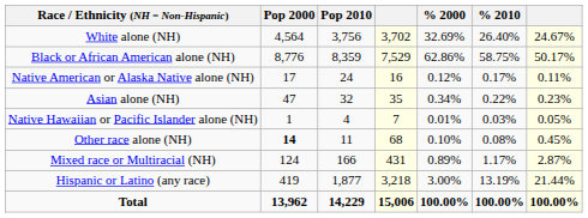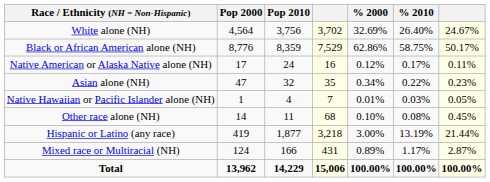 <table class="wikitable" style="text-align:center;">
 <tr>
 <th>Race / Ethnicity <small>(<em>NH = Non-Hispanic</em>)</small></th>
 <th>Pop 2000</th>
 <th>Pop 2010</th>
 <th></th>
 <th>% 2000</th>
 <th>% 2010</th>
 <th></th>
 </tr>
 <tr>
 <td><a href='#'>White</a> alone (NH)</td>
 <td>4,564</td>
 <td>3,756</td>
 <td style='background: #ffffe6;'>3,702</td>
 <td>32.69%</td>
 <td>26.40%</td>
 <td style='background: #ffffe6;'>24.67%</td>
 </tr>
 <tr>
 <td><a href='#'>Black or African American</a> alone (NH)</td>
 <td>8,776</td>
 <td>8,359</td>
 <td style='background: #ffffe6;'>7,529</td>
 <td>62.86%</td>
 <td>58.75%</td>
 <td style='background: #ffffe6;'>50.17%</td>
 </tr>
 <tr>
 <td><a href='#'>Native American</a> or <a href='#'>Alaska Native</a> alone (NH)</td>
 <td>17</td>
 <td>24</td>
 <td style='background: #ffffe6;'>16</td>
 <td>0.12%</td>
 <td>0.17%</td>
 <td style='background: #ffffe6;'>0.11%</td>
 </tr>
 <tr>
 <td><a href='#'>Asian</a> alone (NH)</td>
 <td>47</td>
 <td>32</td>
 <td style='background: #ffffe6;'>35</td>
 <td>0.34%</td>
 <td>0.22%</td>
 <td style='background: #ffffe6;'>0.23%</td>
 </tr>
 <tr>
 <td><a href='#'>Native Hawaiian</a> or <a href='#'>Pacific Islander</a> alone (NH)</td>
 <td>1</td>
 <td>4</td>
 <td style='background: #ffffe6;'>7</td>
 <td>0.01%</td>
 <td>0.03%</td>
 <td style='background: #ffffe6;'>0.05%</td>
 </tr>
 <tr>
 <td><a href='#'>Other race</a> alone (NH)</td>
-<td><strong>14</strong></td>
+<td>14</td>
 <td>11</td>
 <td style='background: #ffffe6;'>68</td>
 <td>0.10%</td>
 <td>0.08%</td>
 <td style='background: #ffffe6;'>0.45%</td>
+</tr>
+<tr>
+<td><a href='#'>Hispanic or Latino</a> (any race)</td>
+<td>419</td>
+<td>1,877</td>
+<td style='background: #ffffe6;'>3,218</td>
+<td>3.00%</td>
+<td>13.19%</td>
+<td style='background: #ffffe6;'>21.44%</td>
 </tr>
 <tr>
 <td><a href='#'>Mixed race or Multiracial</a> (NH)</td>
 <td>124</td>
 <td>166</td>
 <td style='background: #ffffe6;'>431</td>
 <td>0.89%</td>
 <td>1.17%</td>
 <td style='background: #ffffe6;'>2.87%</td>
 </tr>
 <tr>
-<td><a href='#'>Hispanic or Latino</a> (any race)</td>
-<td>419</td>
-<td>1,877</td>
-<td style='background: #ffffe6;'>3,218</td>
-<td>3.00%</td>
-<td>13.19%</td>
-<td style='background: #ffffe6;'>21.44%</td>
-</tr>
-<tr>
 <td><strong>Total</strong></td>
 <td><strong>13,962</strong></td>
 <td><strong>14,229</strong></td>
 <td style='background: #ffffe6;'><strong>15,006</strong></td>
 <td><strong>100.00%</strong></td>
 <td><strong>100.00%</strong></td>
 <td style='background: #ffffe6;'><strong>100.00%</strong></td>
 </tr>
 </table>
